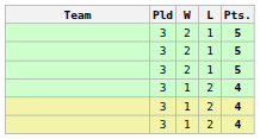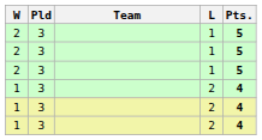 <table class=wikitable style="text-align:center">
 <tr>
+<th width=20>W</th>
+<th width=20>Pld</th>
 <th width=160>Team</th>
-<th width=20>Pld</th>
-<th width=20>W</th>
 <th width=20>L</th>
 <th width=30>Pts.</th>
 </tr>
 <tr bgcolor=ccffcc>
+<td>2</td>
+<td>3</td>
 <td align=left></td>
-<td>3</td>
-<td>2</td>
 <td>1</td>
 <td><strong>5</strong></td>
 </tr>
 <tr bgcolor=ccffcc>
+<td>2</td>
+<td>3</td>
 <td align=left></td>
-<td>3</td>
-<td>2</td>
 <td>1</td>
 <td><strong>5</strong></td>
 </tr>
 <tr bgcolor=ccffcc>
+<td>2</td>
+<td>3</td>
 <td align=left></td>
-<td>3</td>
-<td>2</td>
 <td>1</td>
 <td><strong>5</strong></td>
 </tr>
 <tr bgcolor=ccffcc>
+<td>1</td>
+<td>3</td>
 <td align=left></td>
-<td>3</td>
-<td>1</td>
 <td>2</td>
 <td><strong>4</strong></td>
 </tr>
 <tr bgcolor=f2f5a9>
+<td>1</td>
+<td>3</td>
 <td align=left></td>
-<td>3</td>
-<td>1</td>
 <td>2</td>
 <td><strong>4</strong></td>
 </tr>
 <tr bgcolor=f2f5a9>
+<td>1</td>
+<td>3</td>
 <td align=left></td>
-<td>3</td>
-<td>1</td>
 <td>2</td>
 <td><strong>4</strong></td>
 </tr>
 </table>
